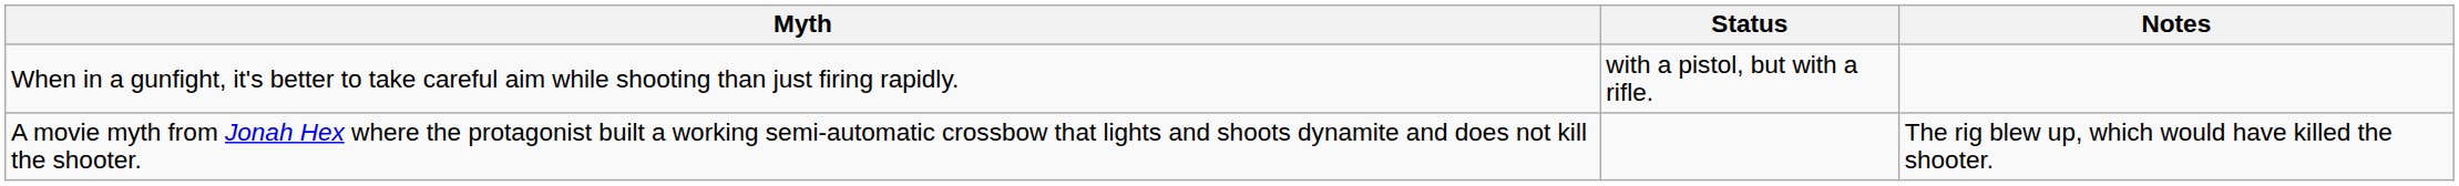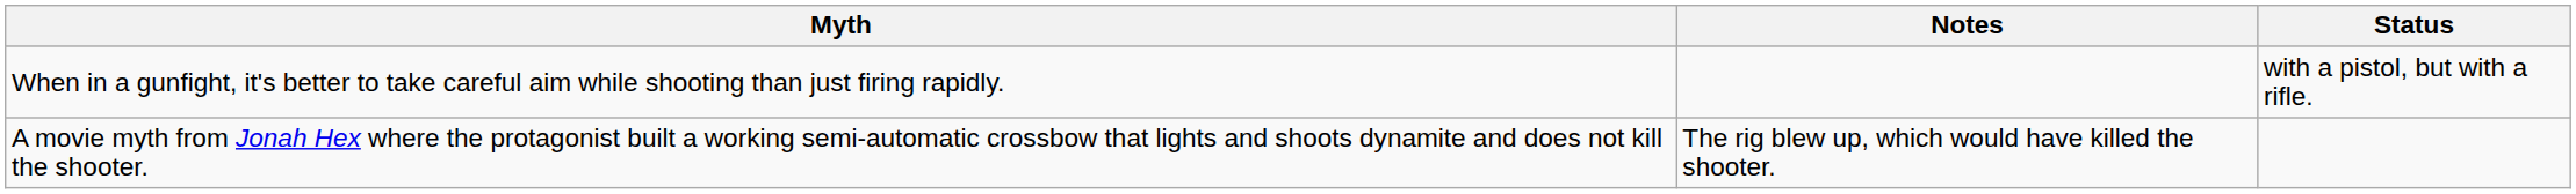 <table class="wikitable">
 <tr>
 <th>Myth</th>
+<th>Notes</th>
 <th>Status</th>
-<th>Notes</th>
 </tr>
 <tr>
 <td>When in a gunfight, it's better to take careful aim while shooting than just firing rapidly.</td>
+<td></td>
 <td> with a pistol, but  with a rifle.</td>
-<td></td>
 </tr>
 <tr>
 <td>A movie myth from <em><a href='#'>Jonah Hex</a></em> where the protagonist built a working semi-automatic crossbow that lights and shoots dynamite and does not kill the shooter.</td>
+<td>The rig blew up, which would have killed the shooter.</td>
 <td></td>
-<td>The rig blew up, which would have killed the shooter.</td>
 </tr>
 </table>
